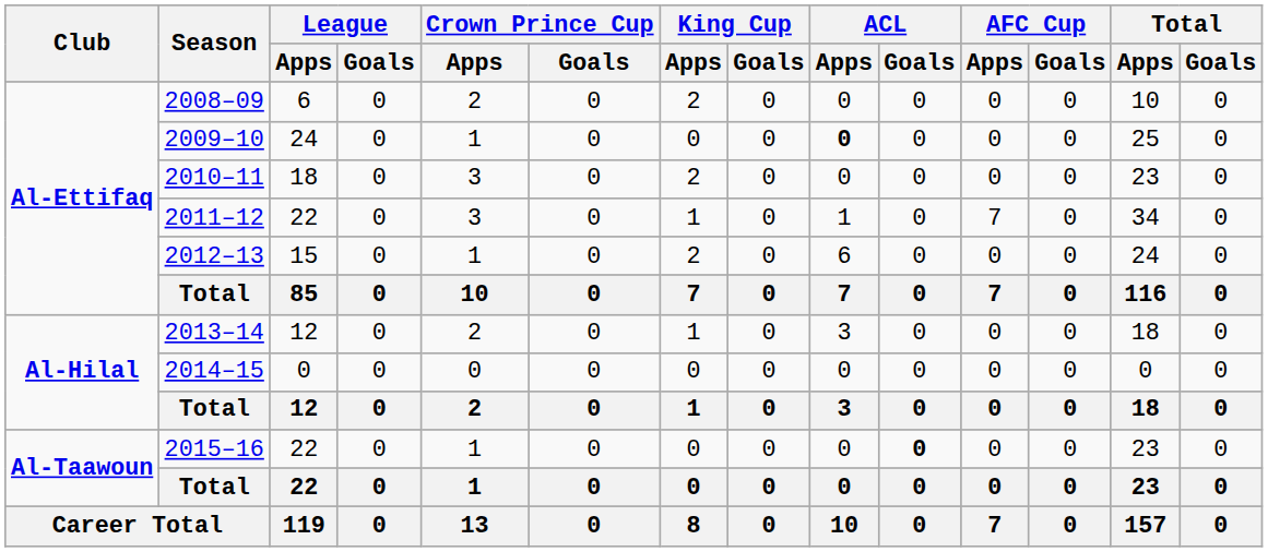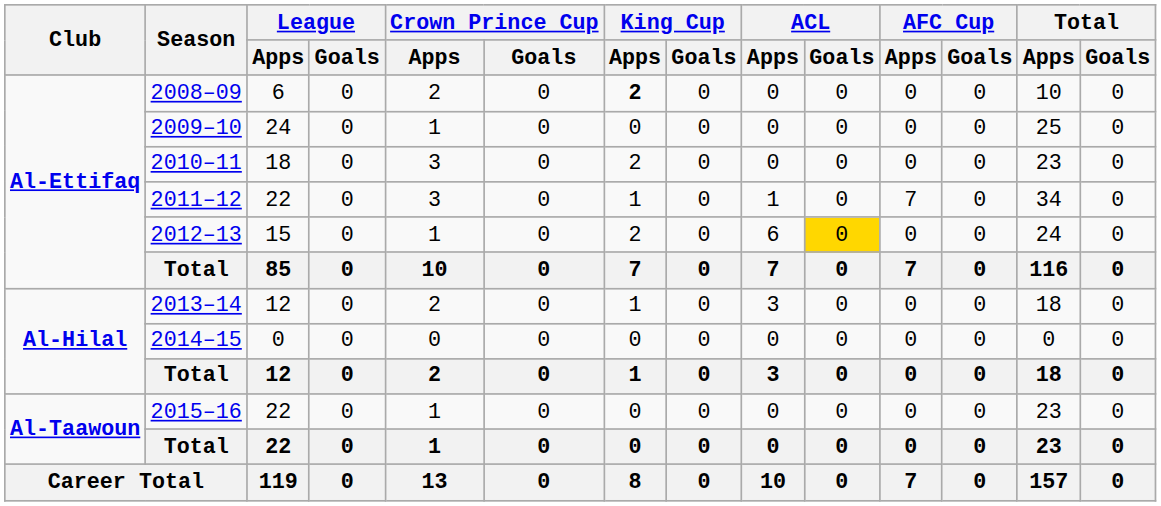 <table class="wikitable" style="text-align: center;">
 <tr>
 <th rowspan="2">Club</th>
 <th rowspan="2">Season</th>
 <th colspan="2"><a href='#'>League</a></th>
 <th colspan="2"><a href='#'>Crown Prince Cup</a></th>
 <th colspan="2"><a href='#'>King Cup</a></th>
 <th colspan="2"><a href='#'>ACL</a></th>
 <th colspan="2"><a href='#'>AFC Cup</a></th>
 <th colspan="2">Total</th>
 </tr>
 <tr>
 <th>Apps</th>
 <th>Goals</th>
 <th>Apps</th>
 <th>Goals</th>
 <th>Apps</th>
 <th>Goals</th>
 <th>Apps</th>
 <th>Goals</th>
 <th>Apps</th>
 <th>Goals</th>
 <th>Apps</th>
 <th>Goals</th>
 </tr>
 <tr>
 <td rowspan="6" valign="center"><strong><a href='#'>Al-Ettifaq</a></strong></td>
 <td><a href='#'>2008–09</a></td>
 <td>6</td>
 <td>0</td>
 <td>2</td>
 <td>0</td>
-<td>2</td>
+<td><strong>2</strong></td>
 <td>0</td>
 <td>0</td>
 <td>0</td>
 <td>0</td>
 <td>0</td>
 <td>10</td>
 <td>0</td>
 </tr>
 <tr>
 <td><a href='#'>2009–10</a></td>
 <td>24</td>
 <td>0</td>
 <td>1</td>
 <td>0</td>
 <td>0</td>
 <td>0</td>
-<td><strong>0</strong></td>
+<td>0</td>
 <td>0</td>
 <td>0</td>
 <td>0</td>
 <td>25</td>
 <td>0</td>
 </tr>
 <tr>
 <td><a href='#'>2010–11</a></td>
 <td>18</td>
 <td>0</td>
 <td>3</td>
 <td>0</td>
 <td>2</td>
 <td>0</td>
 <td>0</td>
 <td>0</td>
 <td>0</td>
 <td>0</td>
 <td>23</td>
 <td>0</td>
 </tr>
 <tr>
 <td><a href='#'>2011–12</a></td>
 <td>22</td>
 <td>0</td>
 <td>3</td>
 <td>0</td>
 <td>1</td>
 <td>0</td>
 <td>1</td>
 <td>0</td>
 <td>7</td>
 <td>0</td>
 <td>34</td>
 <td>0</td>
 </tr>
 <tr>
 <td><a href='#'>2012–13</a></td>
 <td>15</td>
 <td>0</td>
 <td>1</td>
 <td>0</td>
 <td>2</td>
 <td>0</td>
 <td>6</td>
-<td>0</td>
+<td style="background: gold;">0</td>
 <td>0</td>
 <td>0</td>
 <td>24</td>
 <td>0</td>
 </tr>
 <tr>
 <th>Total</th>
 <th>85</th>
 <th>0</th>
 <th>10</th>
 <th>0</th>
 <th>7</th>
 <th>0</th>
 <th>7</th>
 <th>0</th>
 <th>7</th>
 <th>0</th>
 <th>116</th>
 <th>0</th>
 </tr>
 <tr>
 <td rowspan="3" valign="center"><strong><a href='#'>Al-Hilal</a></strong></td>
 <td><a href='#'>2013–14</a></td>
 <td>12</td>
 <td>0</td>
 <td>2</td>
 <td>0</td>
 <td>1</td>
 <td>0</td>
 <td>3</td>
 <td>0</td>
 <td>0</td>
 <td>0</td>
 <td>18</td>
 <td>0</td>
 </tr>
 <tr>
 <td><a href='#'>2014–15</a></td>
 <td>0</td>
 <td>0</td>
 <td>0</td>
 <td>0</td>
 <td>0</td>
 <td>0</td>
 <td>0</td>
 <td>0</td>
 <td>0</td>
 <td>0</td>
 <td>0</td>
 <td>0</td>
 </tr>
 <tr>
 <th>Total</th>
 <th>12</th>
 <th>0</th>
 <th>2</th>
 <th>0</th>
 <th>1</th>
 <th>0</th>
 <th>3</th>
 <th>0</th>
 <th>0</th>
 <th>0</th>
 <th>18</th>
 <th>0</th>
 </tr>
 <tr>
 <td rowspan="2" valign="center"><strong><a href='#'>Al-Taawoun</a></strong></td>
 <td><a href='#'>2015–16</a></td>
 <td>22</td>
 <td>0</td>
 <td>1</td>
 <td>0</td>
 <td>0</td>
 <td>0</td>
 <td>0</td>
-<td><strong>0</strong></td>
+<td>0</td>
 <td>0</td>
 <td>0</td>
 <td>23</td>
 <td>0</td>
 </tr>
 <tr>
 <th>Total</th>
 <th>22</th>
 <th>0</th>
 <th>1</th>
 <th>0</th>
 <th>0</th>
 <th>0</th>
 <th>0</th>
 <th>0</th>
 <th>0</th>
 <th>0</th>
 <th>23</th>
 <th>0</th>
 </tr>
 <tr>
 <th colspan="2">Career Total</th>
 <th>119</th>
 <th>0</th>
 <th>13</th>
 <th>0</th>
 <th>8</th>
 <th>0</th>
 <th>10</th>
 <th>0</th>
 <th>7</th>
 <th>0</th>
 <th>157</th>
 <th>0</th>
 </tr>
 </table>
